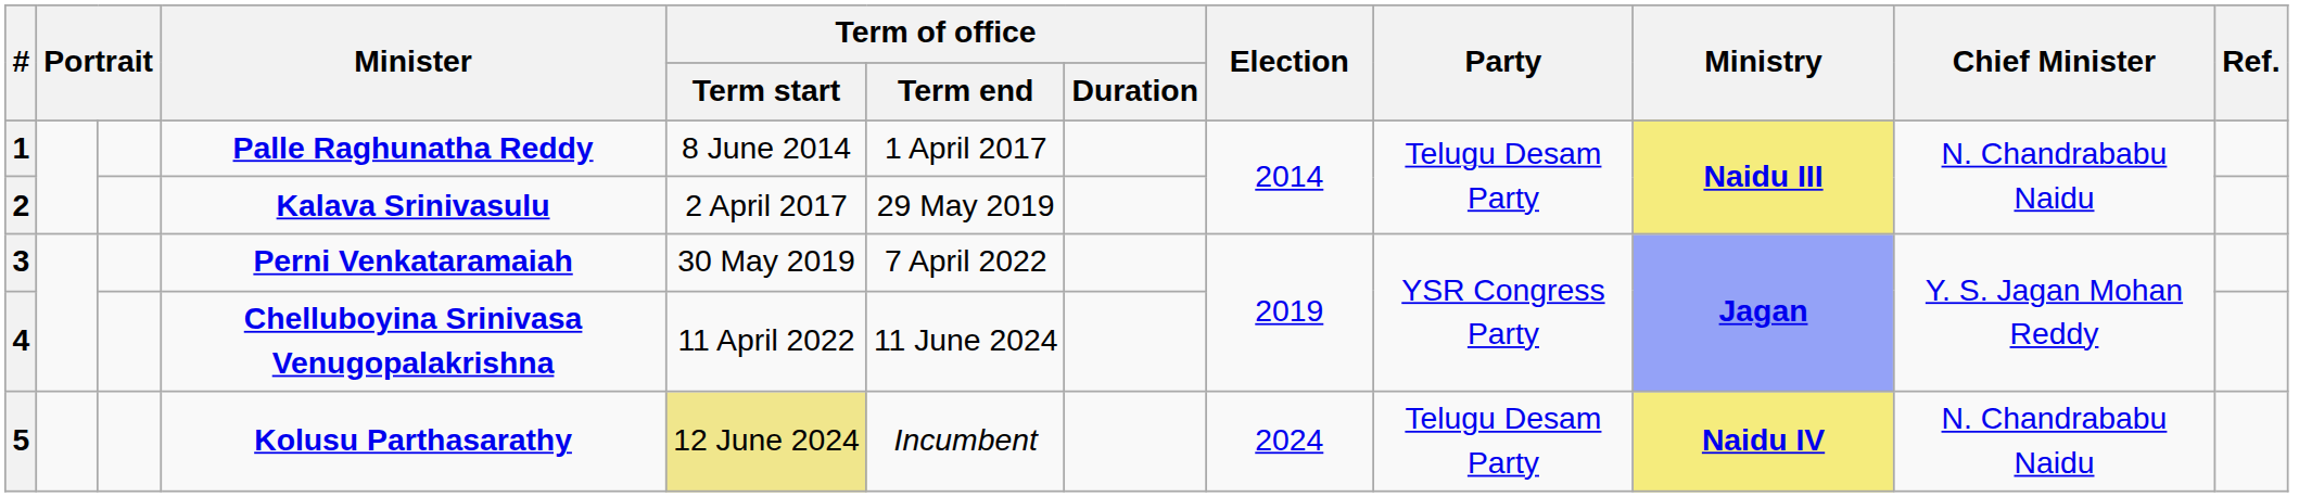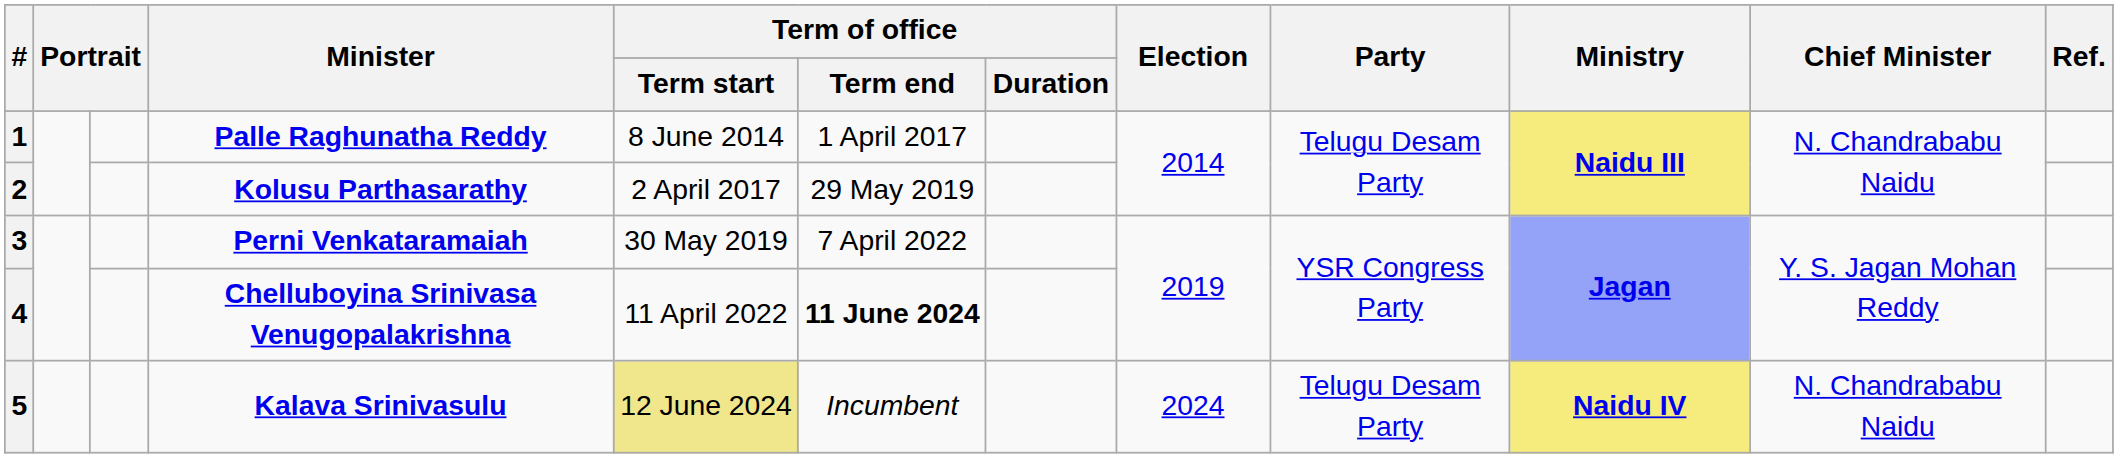 <table class="wikitable" style="line-height:1.4em; text-align:center">
 <tr>
 <th rowspan=2>#</th>
 <th rowspan=2 colspan="2">Portrait</th>
 <th rowspan=2 style="width:16em">Minister<br></th>
 <th colspan="3">Term of office</th>
 <th rowspan=2 style="width:5em">Election<br></th>
 <th rowspan=2 style="width:8em">Party</th>
 <th rowspan=2 style="width:8em">Ministry</th>
 <th rowspan=2 style="width:10em">Chief Minister</th>
 <th rowspan=2>Ref.</th>
 </tr>
 <tr>
 <th>Term start</th>
 <th>Term end</th>
 <th>Duration</th>
 </tr>
 <tr>
 <th>1</th>
 <td rowspan=2></td>
 <td></td>
 <td><strong><a href='#'>Palle Raghunatha Reddy</a></strong><br></td>
 <td>8 June 2014</td>
 <td>1 April 2017</td>
 <td><strong></strong></td>
 <td rowspan=2><a href='#'>2014</a><br></td>
 <td rowspan=2><a href='#'>Telugu Desam Party</a></td>
 <td rowspan=2 bgcolor="#F5EC7D"><strong><a href='#'>Naidu III</a></strong></td>
 <td rowspan=2><a href='#'>N. Chandrababu Naidu</a></td>
 <td></td>
 </tr>
 <tr>
 <th>2</th>
 <td></td>
-<td><strong><a href='#'>Kalava Srinivasulu</a></strong><br></td>
+<td><strong><a href='#'>Kolusu Parthasarathy</a></strong><br></td>
 <td>2 April 2017</td>
 <td>29 May 2019</td>
 <td><strong></strong></td>
 <td></td>
 </tr>
 <tr>
 <th>3</th>
 <td rowspan=2></td>
 <td></td>
 <td><strong><a href='#'>Perni Venkataramaiah</a></strong><br></td>
 <td>30 May 2019</td>
 <td>7 April 2022</td>
 <td><strong></strong></td>
 <td rowspan=2><a href='#'>2019</a><br></td>
 <td rowspan="2"><a href='#'>YSR Congress Party</a></td>
 <td rowspan=2 bgcolor="#94A2F7"><strong><a href='#'>Jagan</a></strong></td>
 <td rowspan="2"><a href='#'>Y. S. Jagan Mohan Reddy</a></td>
 <td></td>
 </tr>
 <tr>
 <th>4</th>
 <td></td>
 <td><strong><a href='#'>Chelluboyina Srinivasa Venugopalakrishna</a></strong><br></td>
 <td>11 April 2022</td>
-<td>11 June 2024</td>
+<td><strong>11 June 2024</strong></td>
 <td><strong></strong></td>
 <td></td>
 </tr>
 <tr>
 <th>5</th>
 <td></td>
 <td></td>
-<td><strong><a href='#'>Kolusu Parthasarathy</a></strong><br></td>
+<td><strong><a href='#'>Kalava Srinivasulu</a></strong><br></td>
 <td style="background: khaki;">12 June 2024</td>
 <td><em>Incumbent</em></td>
 <td><strong></strong></td>
 <td><a href='#'>2024</a><br></td>
 <td><a href='#'>Telugu Desam Party</a></td>
 <td bgcolor="#F5EC7D"><strong><a href='#'>Naidu IV</a></strong></td>
 <td><a href='#'>N. Chandrababu Naidu</a></td>
 <td></td>
 </tr>
 </table>
